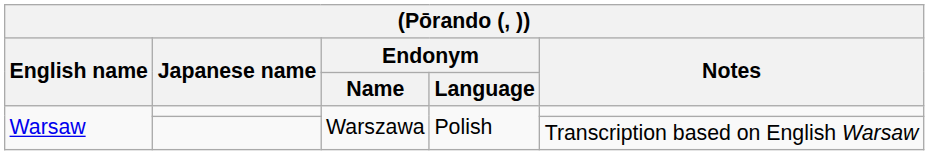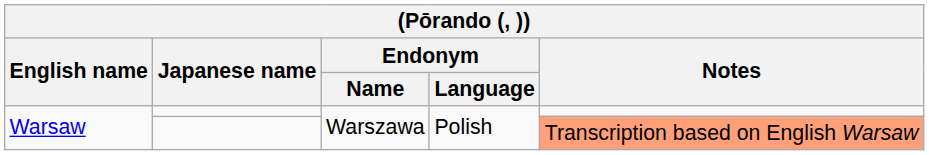 <table class="wikitable sortable">
 <tr>
 <th colspan="5"> (Pо̄rando (, ))</th>
 </tr>
 <tr>
 <th rowspan="2">English name</th>
 <th rowspan="2">Japanese name</th>
 <th colspan="2">Endonym</th>
 <th rowspan="2">Notes</th>
 </tr>
 <tr>
 <th>Name</th>
 <th>Language</th>
 </tr>
 <tr>
 <td rowspan="2"><a href='#'>Warsaw</a></td>
 <td></td>
 <td rowspan="2">Warszawa</td>
 <td rowspan="2">Polish</td>
 <td></td>
 </tr>
 <tr>
 <td></td>
-<td>Transcription based on English <em>Warsaw</em></td>
+<td style="background: lightsalmon;">Transcription based on English <em>Warsaw</em></td>
 </tr>
 </table>
